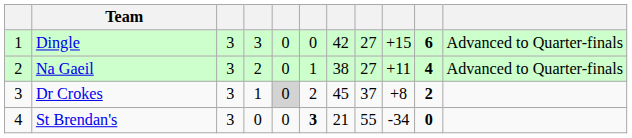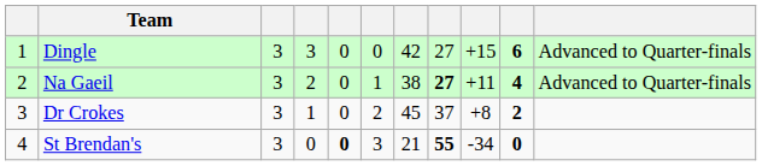 <table class="wikitable" style="text-align:center">
 <tr>
 <th width="20"></th>
 <th style="width:175px;">Team</th>
 <th width="20"></th>
 <th width="20"></th>
 <th width="20"></th>
 <th width="20"></th>
 <th width="20"></th>
 <th width="20"></th>
 <th width="20"></th>
 <th width="20"></th>
 <th style="width:175px;"></th>
 </tr>
 <tr style="background:#cfc;">
 <td>1</td>
 <td style="text-align:left;"> <a href='#'>Dingle</a></td>
 <td>3</td>
 <td>3</td>
 <td>0</td>
 <td>0</td>
 <td>42</td>
 <td>27</td>
 <td>+15</td>
 <td><strong>6</strong></td>
 <td>Advanced to Quarter-finals</td>
 </tr>
 <tr style="background:#cfc;">
 <td>2</td>
 <td style="text-align:left;"> <a href='#'>Na Gaeil</a></td>
 <td>3</td>
 <td>2</td>
 <td>0</td>
 <td>1</td>
 <td>38</td>
-<td>27</td>
+<td><strong>27</strong></td>
 <td>+11</td>
 <td><strong>4</strong></td>
 <td>Advanced to Quarter-finals</td>
 </tr>
 <tr>
 <td>3</td>
 <td style="text-align:left;"> <a href='#'>Dr Crokes</a></td>
 <td>3</td>
 <td>1</td>
-<td style="background: lightgrey;">0</td>
+<td>0</td>
 <td>2</td>
 <td>45</td>
 <td>37</td>
 <td>+8</td>
 <td><strong>2</strong></td>
 <td></td>
 </tr>
 <tr>
 <td>4</td>
 <td style="text-align:left;"> <a href='#'>St Brendan's</a></td>
 <td>3</td>
 <td>0</td>
-<td>0</td>
-<td><strong>3</strong></td>
+<td><strong>0</strong></td>
+<td>3</td>
 <td>21</td>
-<td>55</td>
+<td><strong>55</strong></td>
 <td>-34</td>
 <td><strong>0</strong></td>
 <td></td>
 </tr>
 </table>
